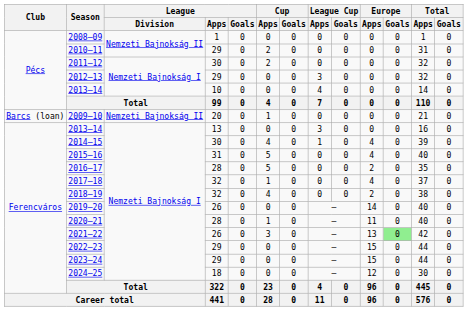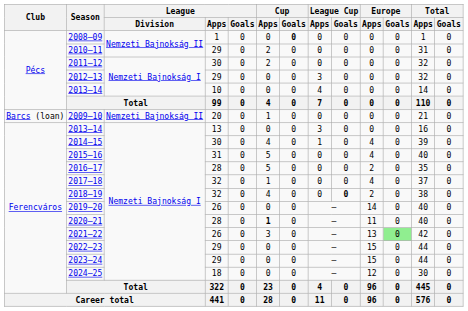 <table class="wikitable" style="text-align: center">
 <tr>
 <th rowspan="2">Club</th>
 <th rowspan="2">Season</th>
 <th colspan="3">League</th>
 <th colspan="2">Cup</th>
 <th colspan="2">League Cup</th>
 <th colspan="2">Europe</th>
 <th colspan="2">Total</th>
 </tr>
 <tr>
 <th>Division</th>
 <th>Apps</th>
 <th>Goals</th>
 <th>Apps</th>
 <th>Goals</th>
 <th>Apps</th>
 <th>Goals</th>
 <th>Apps</th>
 <th>Goals</th>
 <th>Apps</th>
 <th>Goals</th>
 </tr>
 <tr>
 <td rowspan="6"><a href='#'>Pécs</a></td>
 <td><a href='#'>2008–09</a></td>
 <td rowspan="2"><a href='#'>Nemzeti Bajnokság II</a></td>
 <td>1</td>
 <td>0</td>
 <td>0</td>
-<td>0</td>
+<td><strong>0</strong></td>
 <td>0</td>
 <td>0</td>
 <td>0</td>
 <td>0</td>
 <td>1</td>
 <td>0</td>
 </tr>
 <tr>
 <td><a href='#'>2010–11</a></td>
 <td>29</td>
 <td>0</td>
 <td>2</td>
 <td>0</td>
 <td>0</td>
 <td>0</td>
 <td>0</td>
 <td>0</td>
 <td>31</td>
 <td>0</td>
 </tr>
 <tr>
 <td><a href='#'>2011–12</a></td>
 <td rowspan="3"><a href='#'>Nemzeti Bajnokság I</a></td>
 <td>30</td>
 <td>0</td>
 <td>2</td>
 <td>0</td>
 <td>0</td>
 <td>0</td>
 <td>0</td>
 <td>0</td>
 <td>32</td>
 <td>0</td>
 </tr>
 <tr>
 <td><a href='#'>2012–13</a></td>
 <td>29</td>
 <td>0</td>
 <td>0</td>
 <td>0</td>
 <td>3</td>
 <td>0</td>
 <td>0</td>
 <td>0</td>
 <td>32</td>
 <td>0</td>
 </tr>
 <tr>
 <td><a href='#'>2013–14</a></td>
 <td>10</td>
 <td>0</td>
 <td>0</td>
 <td>0</td>
 <td>4</td>
 <td>0</td>
 <td>0</td>
 <td>0</td>
 <td>14</td>
 <td>0</td>
 </tr>
 <tr>
 <th colspan="2">Total</th>
 <th>99</th>
 <th>0</th>
 <th>4</th>
 <th>0</th>
 <th>7</th>
 <th>0</th>
 <th>0</th>
 <th>0</th>
 <th>110</th>
 <th>0</th>
 </tr>
 <tr>
 <td><a href='#'>Barcs</a> (loan)</td>
 <td><a href='#'>2009–10</a></td>
 <td><a href='#'>Nemzeti Bajnokság II</a></td>
 <td>20</td>
 <td>0</td>
 <td>1</td>
 <td>0</td>
 <td>0</td>
 <td>0</td>
 <td>0</td>
 <td>0</td>
 <td>21</td>
 <td>0</td>
 </tr>
 <tr>
 <td rowspan="13"><a href='#'>Ferencváros</a></td>
 <td><a href='#'>2013–14</a></td>
 <td rowspan="12"><a href='#'>Nemzeti Bajnokság I</a></td>
 <td>13</td>
 <td>0</td>
 <td>0</td>
 <td>0</td>
 <td>3</td>
 <td>0</td>
 <td>0</td>
 <td>0</td>
 <td>16</td>
 <td>0</td>
 </tr>
 <tr>
 <td><a href='#'>2014–15</a></td>
 <td>30</td>
 <td>0</td>
 <td>4</td>
 <td>0</td>
 <td>1</td>
 <td>0</td>
 <td>4</td>
 <td>0</td>
 <td>39</td>
 <td>0</td>
 </tr>
 <tr>
 <td><a href='#'>2015–16</a></td>
 <td>31</td>
 <td>0</td>
 <td>5</td>
 <td>0</td>
 <td>0</td>
 <td>0</td>
 <td>4</td>
 <td>0</td>
 <td>40</td>
 <td>0</td>
 </tr>
 <tr>
 <td><a href='#'>2016–17</a></td>
 <td>28</td>
 <td>0</td>
 <td>5</td>
 <td>0</td>
 <td>0</td>
 <td>0</td>
 <td>2</td>
 <td>0</td>
 <td>35</td>
 <td>0</td>
 </tr>
 <tr>
 <td><a href='#'>2017–18</a></td>
 <td>32</td>
 <td>0</td>
 <td>1</td>
 <td>0</td>
 <td>0</td>
 <td>0</td>
 <td>4</td>
 <td>0</td>
 <td>37</td>
 <td>0</td>
 </tr>
 <tr>
 <td><a href='#'>2018–19</a></td>
 <td>32</td>
 <td>0</td>
 <td>4</td>
 <td>0</td>
 <td>0</td>
-<td>0</td>
+<td><strong>0</strong></td>
 <td>2</td>
 <td>0</td>
 <td>38</td>
 <td>0</td>
 </tr>
 <tr>
 <td><a href='#'>2019–20</a></td>
 <td>26</td>
 <td>0</td>
 <td>0</td>
 <td>0</td>
 <td colspan="2">–</td>
 <td>14</td>
 <td>0</td>
 <td>40</td>
 <td>0</td>
 </tr>
 <tr>
 <td><a href='#'>2020–21</a></td>
 <td>28</td>
 <td>0</td>
-<td>1</td>
+<td><strong>1</strong></td>
 <td>0</td>
 <td colspan="2">–</td>
 <td>11</td>
 <td>0</td>
 <td>40</td>
 <td>0</td>
 </tr>
 <tr>
 <td><a href='#'>2021–22</a></td>
 <td>26</td>
 <td>0</td>
 <td>3</td>
 <td>0</td>
 <td colspan="2">–</td>
 <td>13</td>
 <td style="background: lightgreen;">0</td>
 <td>42</td>
 <td>0</td>
 </tr>
 <tr>
 <td><a href='#'>2022–23</a></td>
 <td>29</td>
 <td>0</td>
 <td>0</td>
 <td>0</td>
 <td colspan="2">–</td>
 <td>15</td>
 <td>0</td>
 <td>44</td>
 <td>0</td>
 </tr>
 <tr>
 <td><a href='#'>2023–24</a></td>
 <td>29</td>
 <td>0</td>
 <td>0</td>
 <td>0</td>
 <td colspan="2">–</td>
 <td>15</td>
 <td>0</td>
 <td>44</td>
 <td>0</td>
 </tr>
 <tr>
 <td><a href='#'>2024–25</a></td>
 <td>18</td>
 <td>0</td>
 <td>0</td>
 <td>0</td>
 <td colspan="2">–</td>
 <td>12</td>
 <td>0</td>
 <td>30</td>
 <td>0</td>
 </tr>
 <tr>
 <th colspan="2">Total</th>
 <th>322</th>
 <th>0</th>
 <th>23</th>
 <th>0</th>
 <th>4</th>
 <th>0</th>
 <th>96</th>
 <th>0</th>
 <th>445</th>
 <th>0</th>
 </tr>
 <tr>
 <th colspan="3">Career total</th>
 <th>441</th>
 <th>0</th>
 <th>28</th>
 <th>0</th>
 <th>11</th>
 <th>0</th>
 <th>96</th>
 <th>0</th>
 <th>576</th>
 <th>0</th>
 </tr>
 </table>
